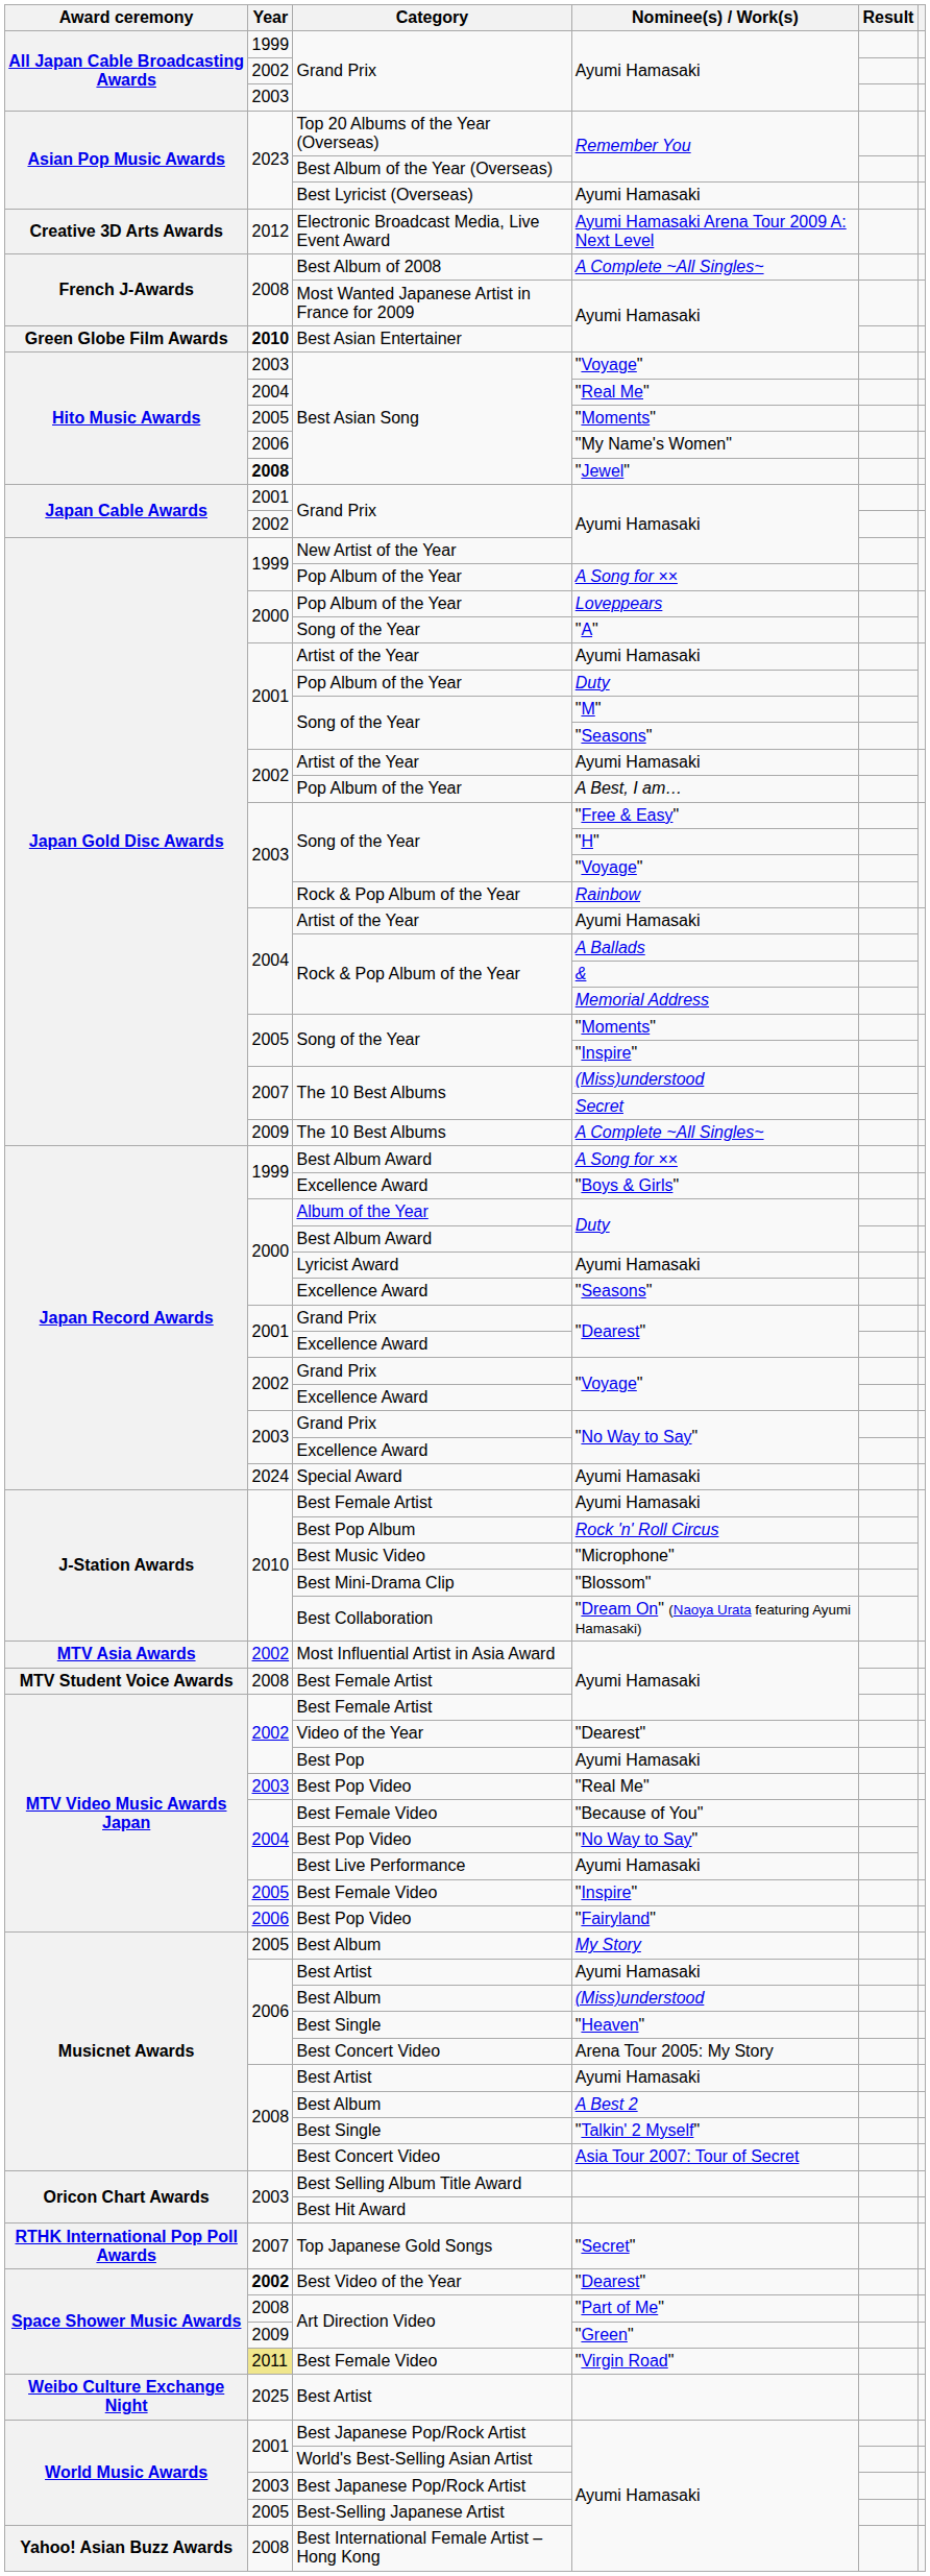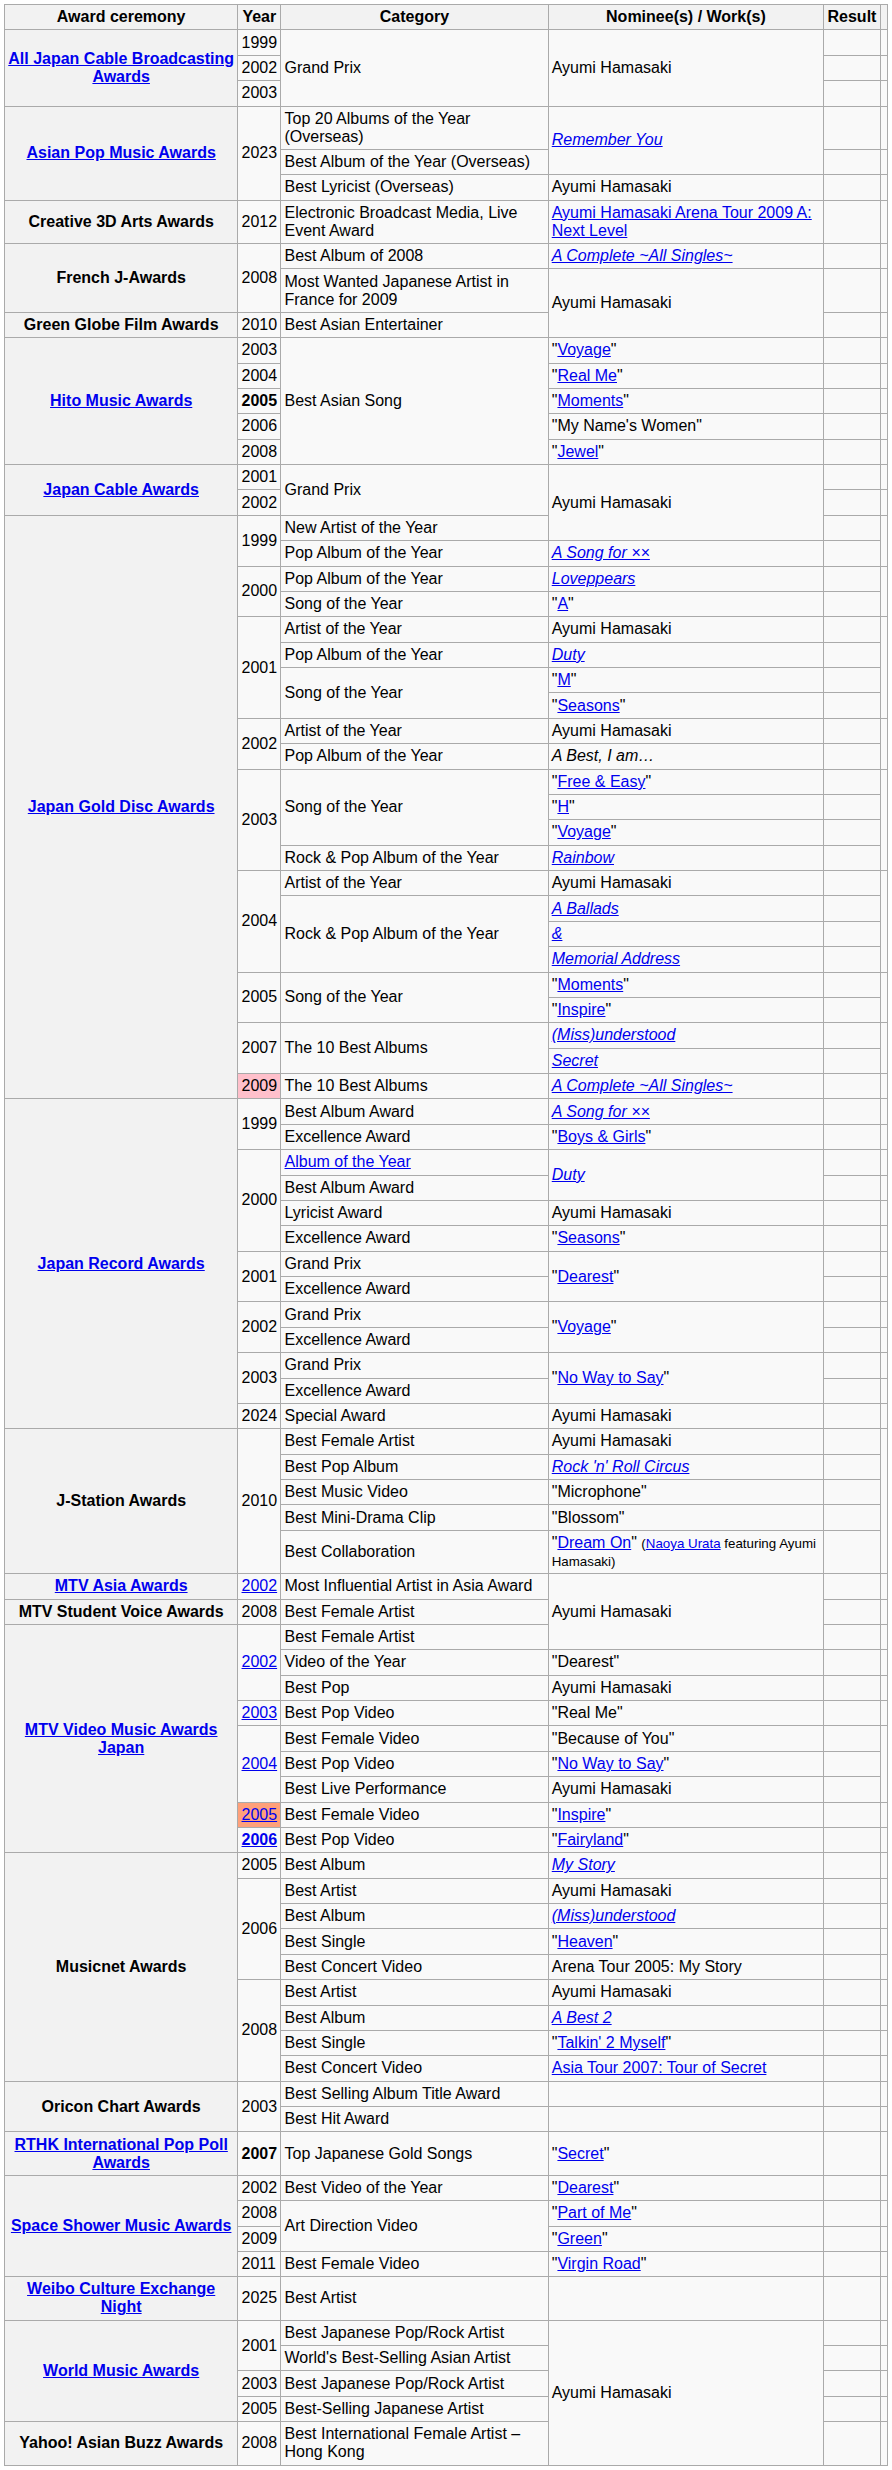 <table class="wikitable plainrowheaders sortable" width="100%">
 <tr>
 <th scope="col">Award ceremony</th>
 <th scope="col">Year</th>
 <th scope="col">Category</th>
 <th scope="col">Nominee(s) / Work(s)</th>
 <th scope="col">Result</th>
 <th class="unsortable" scope="col"></th>
 </tr>
 <tr>
 <th rowspan="3" scope="row"><a href='#'>All Japan Cable Broadcasting Awards</a></th>
 <td>1999</td>
 <td rowspan="3">Grand Prix</td>
 <td rowspan="3">Ayumi Hamasaki</td>
 <td></td>
 <td style="text-align:center"></td>
 </tr>
 <tr>
 <td>2002</td>
 <td></td>
 <td></td>
 </tr>
 <tr>
 <td>2003</td>
 <td></td>
 <td></td>
 </tr>
 <tr>
 <th scope="row" rowspan="3"><a href='#'>Asian Pop Music Awards</a></th>
 <td rowspan="3">2023</td>
 <td>Top 20 Albums of the Year (Overseas)</td>
 <td rowspan="2"><em><a href='#'>Remember You</a></em></td>
 <td></td>
 <td style="text-align:center"></td>
 </tr>
 <tr>
 <td>Best Album of the Year (Overseas)</td>
 <td></td>
 <td style="text-align:center"></td>
 </tr>
 <tr>
 <td>Best Lyricist (Overseas)</td>
 <td>Ayumi Hamasaki</td>
 <td></td>
 <td style="text-align:center"></td>
 </tr>
 <tr>
 <th scope="row">Creative 3D Arts Awards</th>
 <td>2012</td>
 <td>Electronic Broadcast Media, Live Event Award</td>
 <td><a href='#'>Ayumi Hamasaki Arena Tour 2009 A: Next Level</a></td>
 <td></td>
 <td style="text-align:center"></td>
 </tr>
 <tr>
 <th scope="row" rowspan="2">French J-Awards</th>
 <td rowspan="2">2008</td>
 <td>Best Album of 2008</td>
 <td><em><a href='#'>A Complete ~All Singles~</a></em></td>
 <td></td>
 <td style="text-align:center"></td>
 </tr>
 <tr>
 <td>Most Wanted Japanese Artist in France for 2009</td>
 <td rowspan="2">Ayumi Hamasaki</td>
 <td></td>
 <td></td>
 </tr>
 <tr>
 <th scope="row">Green Globe Film Awards</th>
-<td><strong>2010</strong></td>
+<td>2010</td>
 <td>Best Asian Entertainer</td>
 <td></td>
 <td></td>
 </tr>
 <tr>
 <th scope="row" rowspan="5"><a href='#'>Hito Music Awards</a></th>
 <td>2003</td>
 <td rowspan="5">Best Asian Song</td>
 <td>"<a href='#'>Voyage</a>"</td>
 <td></td>
 <td></td>
 </tr>
 <tr>
 <td>2004</td>
 <td>"<a href='#'>Real Me</a>"</td>
 <td></td>
 <td></td>
 </tr>
 <tr>
-<td>2005</td>
+<td><strong>2005</strong></td>
 <td>"<a href='#'>Moments</a>"</td>
 <td></td>
 <td></td>
 </tr>
 <tr>
 <td>2006</td>
 <td>"My Name's Women"</td>
 <td></td>
 <td></td>
 </tr>
 <tr>
-<td><strong>2008</strong></td>
+<td>2008</td>
 <td>"<a href='#'>Jewel</a>"</td>
 <td></td>
 <td></td>
 </tr>
 <tr>
 <th rowspan="2" scope="row"><a href='#'>Japan Cable Awards</a></th>
 <td>2001</td>
 <td rowspan="2">Grand Prix</td>
 <td rowspan="3">Ayumi Hamasaki</td>
 <td></td>
 <td style="text-align:center"></td>
 </tr>
 <tr>
 <td>2002</td>
 <td></td>
 <td></td>
 </tr>
 <tr>
 <th rowspan="23" scope="row"><a href='#'>Japan Gold Disc Awards</a></th>
 <td rowspan="2">1999</td>
 <td>New Artist of the Year</td>
 <td></td>
 <td rowspan="2" style="text-align:center"></td>
 </tr>
 <tr>
 <td>Pop Album of the Year</td>
 <td><em><a href='#'>A Song for ××</a></em></td>
 <td></td>
 </tr>
 <tr>
 <td rowspan="2">2000</td>
 <td>Pop Album of the Year</td>
 <td><em><a href='#'>Loveppears</a></em></td>
 <td></td>
 <td style="text-align:center" rowspan="2"></td>
 </tr>
 <tr>
 <td>Song of the Year</td>
 <td>"<a href='#'>A</a>"</td>
 <td></td>
 </tr>
 <tr>
 <td rowspan="4">2001</td>
 <td>Artist of the Year</td>
 <td>Ayumi Hamasaki</td>
 <td></td>
 <td style="text-align:center" rowspan="4"></td>
 </tr>
 <tr>
 <td>Pop Album of the Year</td>
 <td><em><a href='#'>Duty</a></em></td>
 <td></td>
 </tr>
 <tr>
 <td rowspan="2">Song of the Year</td>
 <td>"<a href='#'>M</a>"</td>
 <td></td>
 </tr>
 <tr>
 <td>"<a href='#'>Seasons</a>"</td>
 <td></td>
 </tr>
 <tr>
 <td rowspan="2">2002</td>
 <td>Artist of the Year</td>
 <td>Ayumi Hamasaki</td>
 <td></td>
 <td rowspan="2" style="text-align:center"></td>
 </tr>
 <tr>
 <td>Pop Album of the Year</td>
 <td><em>A Best, I am…</em></td>
 <td></td>
 </tr>
 <tr>
 <td rowspan="4">2003</td>
 <td rowspan="3">Song of the Year</td>
 <td>"<a href='#'>Free & Easy</a>"</td>
 <td></td>
 <td style="text-align:center" rowspan="4"></td>
 </tr>
 <tr>
 <td>"<a href='#'>H</a>"</td>
 <td></td>
 </tr>
 <tr>
 <td>"<a href='#'>Voyage</a>"</td>
 <td></td>
 </tr>
 <tr>
 <td>Rock & Pop Album of the Year</td>
 <td><em><a href='#'>Rainbow</a></em></td>
 <td></td>
 </tr>
 <tr>
 <td rowspan="4">2004</td>
 <td>Artist of the Year</td>
 <td>Ayumi Hamasaki</td>
 <td></td>
 <td style="text-align:center" rowspan="4"></td>
 </tr>
 <tr>
 <td rowspan="3">Rock & Pop Album of the Year</td>
 <td><em><a href='#'>A Ballads</a></em></td>
 <td></td>
 </tr>
 <tr>
 <td><em><a href='#'>&</a></em></td>
 <td></td>
 </tr>
 <tr>
 <td><em><a href='#'>Memorial Address</a></em></td>
 <td></td>
 </tr>
 <tr>
 <td rowspan="2">2005</td>
 <td rowspan="2">Song of the Year</td>
 <td>"<a href='#'>Moments</a>"</td>
 <td></td>
 <td rowspan="2" style="text-align:center"></td>
 </tr>
 <tr>
 <td>"<a href='#'>Inspire</a>"</td>
 <td></td>
 </tr>
 <tr>
 <td rowspan="2">2007</td>
 <td rowspan="2">The 10 Best Albums</td>
 <td><em><a href='#'>(Miss)understood</a></em></td>
 <td></td>
 <td style="text-align:center" rowspan="2"></td>
 </tr>
 <tr>
 <td><em><a href='#'>Secret</a></em></td>
 <td></td>
 </tr>
 <tr>
-<td>2009</td>
+<td style="background: pink;">2009</td>
 <td>The 10 Best Albums</td>
 <td><em><a href='#'>A Complete ~All Singles~</a></em></td>
 <td></td>
 <td style="text-align:center"></td>
 </tr>
 <tr>
 <th rowspan="13" scope="row"><a href='#'>Japan Record Awards</a></th>
 <td rowspan="2">1999</td>
 <td>Best Album Award</td>
 <td><em><a href='#'>A Song for ××</a></em></td>
 <td></td>
 <td style="text-align:center"></td>
 </tr>
 <tr>
 <td>Excellence Award</td>
 <td>"<a href='#'>Boys & Girls</a>"</td>
 <td></td>
 <td></td>
 </tr>
 <tr>
 <td rowspan="4">2000</td>
 <td><a href='#'>Album of the Year</a></td>
 <td rowspan="2"><em><a href='#'>Duty</a></em></td>
 <td></td>
 <td style="text-align:center"></td>
 </tr>
 <tr>
 <td>Best Album Award</td>
 <td></td>
 <td></td>
 </tr>
 <tr>
 <td>Lyricist Award</td>
 <td>Ayumi Hamasaki</td>
 <td></td>
 <td></td>
 </tr>
 <tr>
 <td>Excellence Award</td>
 <td>"<a href='#'>Seasons</a>"</td>
 <td></td>
 <td></td>
 </tr>
 <tr>
 <td rowspan="2">2001</td>
 <td>Grand Prix</td>
 <td rowspan="2">"<a href='#'>Dearest</a>"</td>
 <td></td>
 <td></td>
 </tr>
 <tr>
 <td>Excellence Award</td>
 <td></td>
 <td></td>
 </tr>
 <tr>
 <td rowspan="2">2002</td>
 <td>Grand Prix</td>
 <td rowspan="2">"<a href='#'>Voyage</a>"</td>
 <td></td>
 <td></td>
 </tr>
 <tr>
 <td>Excellence Award</td>
 <td></td>
 <td></td>
 </tr>
 <tr>
 <td rowspan="2">2003</td>
 <td>Grand Prix</td>
 <td rowspan="2">"<a href='#'>No Way to Say</a>"</td>
 <td></td>
 <td style="text-align:center"></td>
 </tr>
 <tr>
 <td>Excellence Award</td>
 <td></td>
 <td></td>
 </tr>
 <tr>
 <td rowspan="1">2024</td>
 <td>Special Award</td>
 <td>Ayumi Hamasaki</td>
 <td></td>
 <td style="text-align:center"></td>
 </tr>
 <tr>
 <th rowspan="5" scope="row">J-Station Awards</th>
 <td rowspan="5">2010</td>
 <td>Best Female Artist</td>
 <td>Ayumi Hamasaki</td>
 <td></td>
 <td rowspan="5" style="text-align:center"></td>
 </tr>
 <tr>
 <td>Best Pop Album</td>
 <td><em><a href='#'>Rock 'n' Roll Circus</a></em></td>
 <td></td>
 </tr>
 <tr>
 <td>Best Music Video</td>
 <td>"Microphone"</td>
 <td></td>
 </tr>
 <tr>
 <td>Best Mini-Drama Clip</td>
 <td>"Blossom"</td>
 <td></td>
 </tr>
 <tr>
 <td>Best Collaboration</td>
 <td>"<a href='#'>Dream On</a>" <small>(<a href='#'>Naoya Urata</a> featuring Ayumi Hamasaki)</small></td>
 <td></td>
 </tr>
 <tr>
 <th scope="row"><a href='#'>MTV Asia Awards</a></th>
 <td><a href='#'>2002</a></td>
 <td>Most Influential Artist in Asia Award</td>
 <td rowspan="3">Ayumi Hamasaki</td>
 <td></td>
 <td></td>
 </tr>
 <tr>
 <th scope="row">MTV Student Voice Awards</th>
 <td>2008</td>
 <td>Best Female Artist</td>
 <td></td>
 <td></td>
 </tr>
 <tr>
 <th rowspan="9" scope="row"><a href='#'>MTV Video Music Awards Japan</a></th>
 <td rowspan="3"><a href='#'>2002</a></td>
 <td>Best Female Artist</td>
 <td></td>
 <td style="text-align:center"></td>
 </tr>
 <tr>
 <td>Video of the Year</td>
 <td>"Dearest"</td>
 <td></td>
 <td></td>
 </tr>
 <tr>
 <td>Best Pop</td>
 <td>Ayumi Hamasaki</td>
 <td></td>
 <td></td>
 </tr>
 <tr>
 <td><a href='#'>2003</a></td>
 <td>Best Pop Video</td>
 <td>"Real Me"</td>
 <td></td>
 <td></td>
 </tr>
 <tr>
 <td rowspan="3"><a href='#'>2004</a></td>
 <td>Best Female Video</td>
 <td>"Because of You"</td>
 <td></td>
 <td style="text-align:center" rowspan="3"></td>
 </tr>
 <tr>
 <td>Best Pop Video</td>
 <td>"<a href='#'>No Way to Say</a>"</td>
 <td></td>
 </tr>
 <tr>
 <td>Best Live Performance</td>
 <td>Ayumi Hamasaki</td>
 <td></td>
 </tr>
 <tr>
-<td><a href='#'>2005</a></td>
+<td style="background: lightsalmon;"><a href='#'>2005</a></td>
 <td>Best Female Video</td>
 <td>"<a href='#'>Inspire</a>"</td>
 <td></td>
 <td></td>
 </tr>
 <tr>
-<td><a href='#'>2006</a></td>
+<td><strong><a href='#'>2006</a></strong></td>
 <td>Best Pop Video</td>
 <td>"<a href='#'>Fairyland</a>"</td>
 <td></td>
 <td></td>
 </tr>
 <tr>
 <th scope="row" rowspan="9">Musicnet Awards</th>
 <td>2005</td>
 <td>Best Album</td>
 <td><em><a href='#'>My Story</a></em></td>
 <td></td>
 <td></td>
 </tr>
 <tr>
 <td rowspan="4">2006</td>
 <td>Best Artist</td>
 <td>Ayumi Hamasaki</td>
 <td></td>
 <td></td>
 </tr>
 <tr>
 <td>Best Album</td>
 <td><em><a href='#'>(Miss)understood</a></em></td>
 <td></td>
 <td></td>
 </tr>
 <tr>
 <td>Best Single</td>
 <td>"<a href='#'>Heaven</a>"</td>
 <td></td>
 <td></td>
 </tr>
 <tr>
 <td>Best Concert Video</td>
 <td>Arena Tour 2005: My Story</td>
 <td></td>
 <td></td>
 </tr>
 <tr>
 <td rowspan="4">2008</td>
 <td>Best Artist</td>
 <td>Ayumi Hamasaki</td>
 <td></td>
 <td></td>
 </tr>
 <tr>
 <td>Best Album</td>
 <td><em><a href='#'>A Best 2</a></em></td>
 <td></td>
 <td></td>
 </tr>
 <tr>
 <td>Best Single</td>
 <td>"<a href='#'>Talkin' 2 Myself</a>"</td>
 <td></td>
 <td></td>
 </tr>
 <tr>
 <td>Best Concert Video</td>
 <td><a href='#'>Asia Tour 2007: Tour of Secret</a></td>
 <td></td>
 <td></td>
 </tr>
 <tr>
 <th scope="row" rowspan="2">Oricon Chart Awards</th>
 <td rowspan="2">2003</td>
 <td>Best Selling Album Title Award</td>
 <td></td>
 <td></td>
 <td></td>
 </tr>
 <tr>
 <td>Best Hit Award</td>
 <td></td>
 <td></td>
 <td></td>
 </tr>
 <tr>
 <th scope="row"><a href='#'>RTHK International Pop Poll Awards</a></th>
-<td>2007</td>
+<td><strong>2007</strong></td>
 <td>Top Japanese Gold Songs</td>
 <td>"<a href='#'>Secret</a>"</td>
 <td></td>
 <td style="text-align:center"></td>
 </tr>
 <tr>
 <th scope="row" rowspan="4"><a href='#'>Space Shower Music Awards</a></th>
-<td><strong>2002</strong></td>
+<td>2002</td>
 <td>Best Video of the Year</td>
 <td>"<a href='#'>Dearest</a>"</td>
 <td></td>
 <td style="text-align:center"></td>
 </tr>
 <tr>
 <td>2008</td>
 <td rowspan="2">Art Direction Video</td>
 <td>"<a href='#'>Part of Me</a>"</td>
 <td></td>
 <td style="text-align:center"></td>
 </tr>
 <tr>
 <td>2009</td>
 <td>"<a href='#'>Green</a>"</td>
 <td></td>
 <td style="text-align:center"></td>
 </tr>
 <tr>
-<td style="background: khaki;">2011</td>
+<td>2011</td>
 <td>Best Female Video</td>
 <td>"<a href='#'>Virgin Road</a>"</td>
 <td></td>
 <td style="text-align:center"></td>
 </tr>
 <tr>
 <th scope="row"><a href='#'>Weibo Culture Exchange Night</a></th>
 <td>2025</td>
 <td>Best Artist</td>
 <td></td>
 <td></td>
 <td></td>
 </tr>
 <tr>
 <th rowspan="4" scope="row"><a href='#'>World Music Awards</a></th>
 <td rowspan="2">2001</td>
 <td>Best Japanese Pop/Rock Artist</td>
 <td rowspan="5">Ayumi Hamasaki</td>
 <td></td>
 <td style="text-align:center"></td>
 </tr>
 <tr>
 <td>World's Best-Selling Asian Artist</td>
 <td></td>
 <td style="text-align:center"></td>
 </tr>
 <tr>
 <td>2003</td>
 <td>Best Japanese Pop/Rock Artist</td>
 <td></td>
 <td style="text-align:center"></td>
 </tr>
 <tr>
 <td>2005</td>
 <td>Best-Selling Japanese Artist</td>
 <td></td>
 <td style="text-align:center"></td>
 </tr>
 <tr>
 <th scope="row">Yahoo! Asian Buzz Awards</th>
 <td>2008</td>
 <td>Best International Female Artist – Hong Kong</td>
 <td></td>
 <td></td>
 </tr>
 </table>
